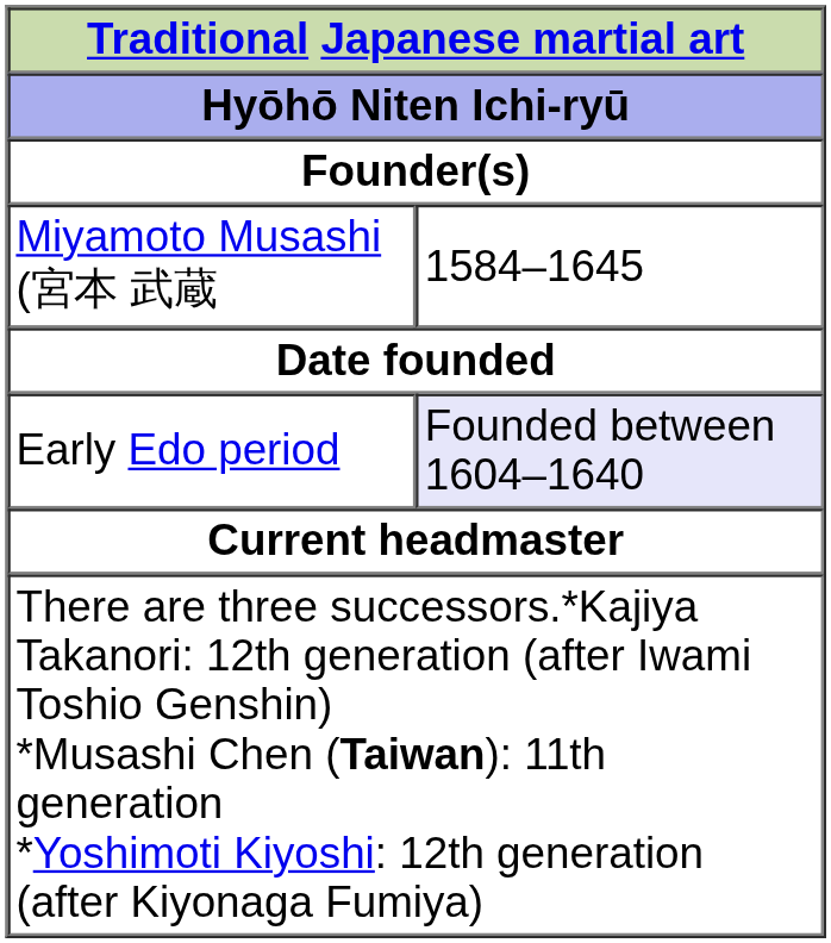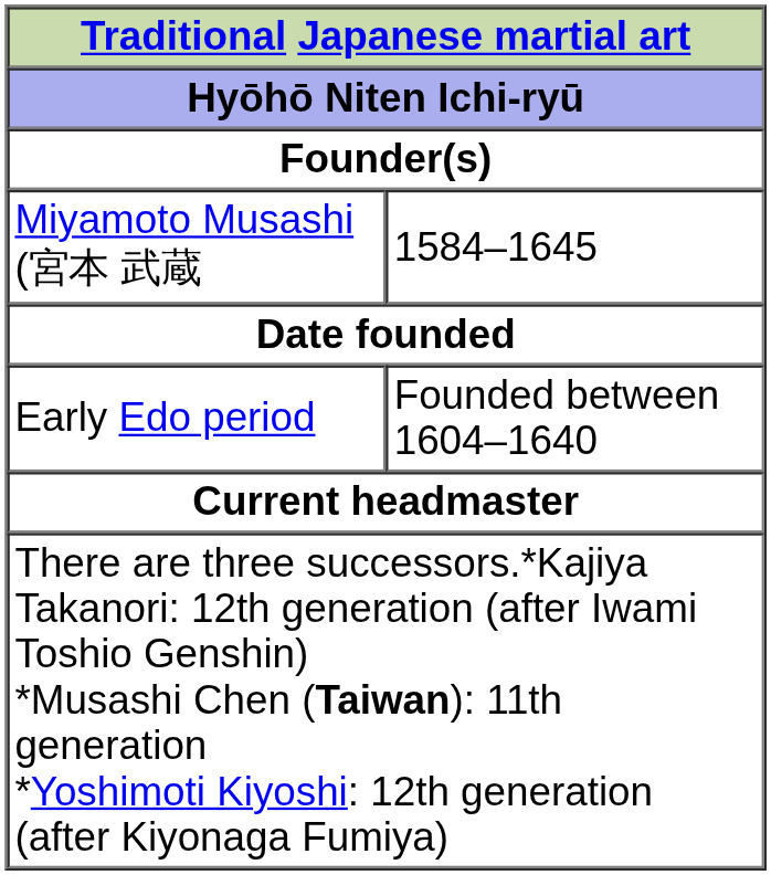 <table border="1" cellpadding="2" width="300" cellpadding="2" cellspacing="0" style="float:right;clear:right;">
 <tr>
 <th colspan="2"  bgcolor="#CADCAD"><a href='#'>Traditional</a> <a href='#'>Japanese martial art</a></th>
 </tr>
 <tr>
 <th colspan="2"  bgcolor="#AAAEEE">Hyōhō Niten Ichi-ryū</th>
 </tr>
 <tr>
 <th colspan="2">Founder(s)</th>
 </tr>
 <tr>
 <td width="150"><a href='#'>Miyamoto Musashi</a> (宮本 武蔵</td>
 <td width="150">1584–1645</td>
 </tr>
 <tr>
 <th colspan="3">Date founded</th>
 </tr>
 <tr>
 <td width="150">Early <a href='#'>Edo period</a></td>
-<td width="150" style="background: lavender;">Founded between 1604–1640</td>
+<td width="150">Founded between 1604–1640</td>
 </tr>
 <tr>
 <th colspan="3">Current headmaster</th>
 </tr>
 <tr>
 <td colspan="3">There are three successors.*Kajiya Takanori: 12th generation (after Iwami Toshio Genshin)<br>*Musashi Chen (<strong>Taiwan</strong>): 11th generation<br>*<a href='#'>Yoshimoti Kiyoshi</a>: 12th generation (after Kiyonaga Fumiya)<br></td>
 </tr>
 <tr>
 </tr>
 </table>
